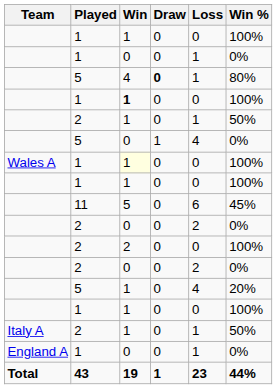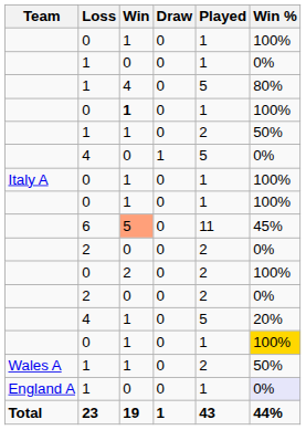 <table class="sortable wikitable">
 <tr>
 <th>Team</th>
-<th>Played</th>
+<th>Loss</th>
 <th>Win</th>
 <th>Draw</th>
-<th>Loss</th>
+<th>Played</th>
 <th>Win %</th>
 </tr>
 <tr>
 <td></td>
-<td>1</td>
+<td>0</td>
 <td>1</td>
 <td>0</td>
-<td>0</td>
+<td>1</td>
 <td>100%</td>
 </tr>
 <tr>
 <td></td>
 <td>1</td>
 <td>0</td>
 <td>0</td>
 <td>1</td>
 <td>0%</td>
 </tr>
 <tr>
 <td></td>
+<td>1</td>
+<td>4</td>
+<td>0</td>
 <td>5</td>
-<td>4</td>
-<td><strong>0</strong></td>
-<td>1</td>
 <td>80%</td>
 </tr>
 <tr>
 <td></td>
-<td>1</td>
+<td>0</td>
 <td><strong>1</strong></td>
 <td>0</td>
-<td>0</td>
-<td>100%</td>
-</tr>
-<tr>
-<td></td>
-<td>2</td>
 <td>1</td>
-<td>0</td>
-<td>1</td>
-<td>50%</td>
-</tr>
-<tr>
-<td></td>
-<td>5</td>
-<td>0</td>
-<td>1</td>
-<td>4</td>
-<td>0%</td>
-</tr>
-<tr>
-<td> <a href='#'>Wales A</a></td>
-<td>1</td>
-<td style="background: lightyellow;">1</td>
-<td>0</td>
-<td>0</td>
 <td>100%</td>
 </tr>
 <tr>
 <td></td>
 <td>1</td>
 <td>1</td>
 <td>0</td>
+<td>2</td>
+<td>50%</td>
+</tr>
+<tr>
+<td></td>
+<td>4</td>
 <td>0</td>
+<td>1</td>
+<td>5</td>
+<td>0%</td>
+</tr>
+<tr>
+<td> <a href='#'>Italy A</a></td>
+<td>0</td>
+<td>1</td>
+<td>0</td>
+<td>1</td>
 <td>100%</td>
 </tr>
 <tr>
 <td></td>
+<td>0</td>
+<td>1</td>
+<td>0</td>
+<td>1</td>
+<td>100%</td>
+</tr>
+<tr>
+<td></td>
+<td>6</td>
+<td style="background: lightsalmon;">5</td>
+<td>0</td>
 <td>11</td>
-<td>5</td>
-<td>0</td>
-<td>6</td>
 <td>45%</td>
 </tr>
 <tr>
 <td></td>
 <td>2</td>
 <td>0</td>
 <td>0</td>
 <td>2</td>
 <td>0%</td>
 </tr>
 <tr>
 <td></td>
-<td>2</td>
+<td>0</td>
 <td>2</td>
 <td>0</td>
-<td>0</td>
+<td>2</td>
 <td>100%</td>
 </tr>
 <tr>
 <td></td>
 <td>2</td>
 <td>0</td>
 <td>0</td>
 <td>2</td>
 <td>0%</td>
 </tr>
 <tr>
 <td></td>
-<td>5</td>
+<td>4</td>
 <td>1</td>
 <td>0</td>
-<td>4</td>
+<td>5</td>
 <td>20%</td>
 </tr>
 <tr>
 <td></td>
+<td>0</td>
+<td>1</td>
+<td>0</td>
+<td>1</td>
+<td style="background: gold;">100%</td>
+</tr>
+<tr>
+<td> <a href='#'>Wales A</a></td>
 <td>1</td>
 <td>1</td>
 <td>0</td>
-<td>0</td>
-<td>100%</td>
-</tr>
-<tr>
-<td> <a href='#'>Italy A</a></td>
 <td>2</td>
-<td>1</td>
-<td>0</td>
-<td>1</td>
 <td>50%</td>
 </tr>
 <tr>
 <td> <a href='#'>England A</a></td>
 <td>1</td>
 <td>0</td>
 <td>0</td>
 <td>1</td>
-<td>0%</td>
+<td style="background: lavender;">0%</td>
 </tr>
 <tr>
 <td><strong>Total</strong></td>
-<td><strong>43</strong></td>
+<td><strong>23</strong></td>
 <td><strong>19</strong></td>
 <td><strong>1</strong></td>
-<td><strong>23</strong></td>
+<td><strong>43</strong></td>
 <td><strong>44%</strong></td>
 </tr>
 </table>
